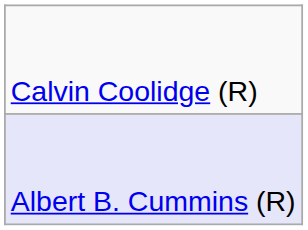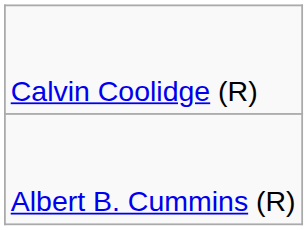 <table style="float: right; margin-left:2em" class="wikitable">
 <tr>
 <td><br><br><a href='#'>Calvin Coolidge</a> (R)</td>
 </tr>
 <tr>
-<td style="background: lavender;"><br><br><a href='#'>Albert B. Cummins</a> (R)</td>
+<td><br><br><a href='#'>Albert B. Cummins</a> (R)</td>
 </tr>
 </table>
